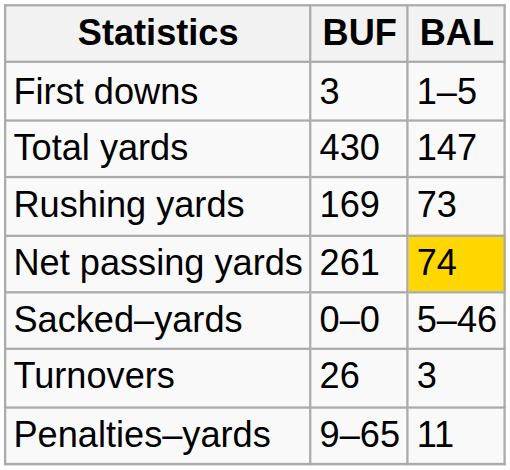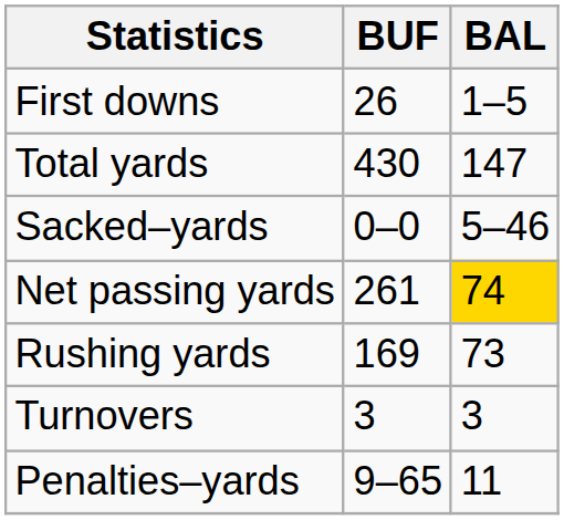 <table class="wikitable" style="float: left;">
 <tr>
 <th>Statistics</th>
 <th>BUF</th>
 <th>BAL</th>
 </tr>
 <tr>
 <td>First downs</td>
-<td>3</td>
+<td>26</td>
 <td>1–5</td>
 </tr>
 <tr>
 <td>Total yards</td>
 <td>430</td>
 <td>147</td>
 </tr>
 <tr>
-<td>Rushing yards</td>
-<td>169</td>
-<td>73</td>
+<td>Sacked–yards</td>
+<td>0–0</td>
+<td>5–46</td>
 </tr>
 <tr>
 <td>Net passing yards</td>
 <td>261</td>
 <td style="background: gold;">74</td>
 </tr>
 <tr>
-<td>Sacked–yards</td>
-<td>0–0</td>
-<td>5–46</td>
+<td>Rushing yards</td>
+<td>169</td>
+<td>73</td>
 </tr>
 <tr>
 <td>Turnovers</td>
-<td>26</td>
+<td>3</td>
 <td>3</td>
 </tr>
 <tr>
 <td>Penalties–yards</td>
 <td>9–65</td>
 <td>11</td>
 </tr>
 <tr>
 </tr>
 </table>
